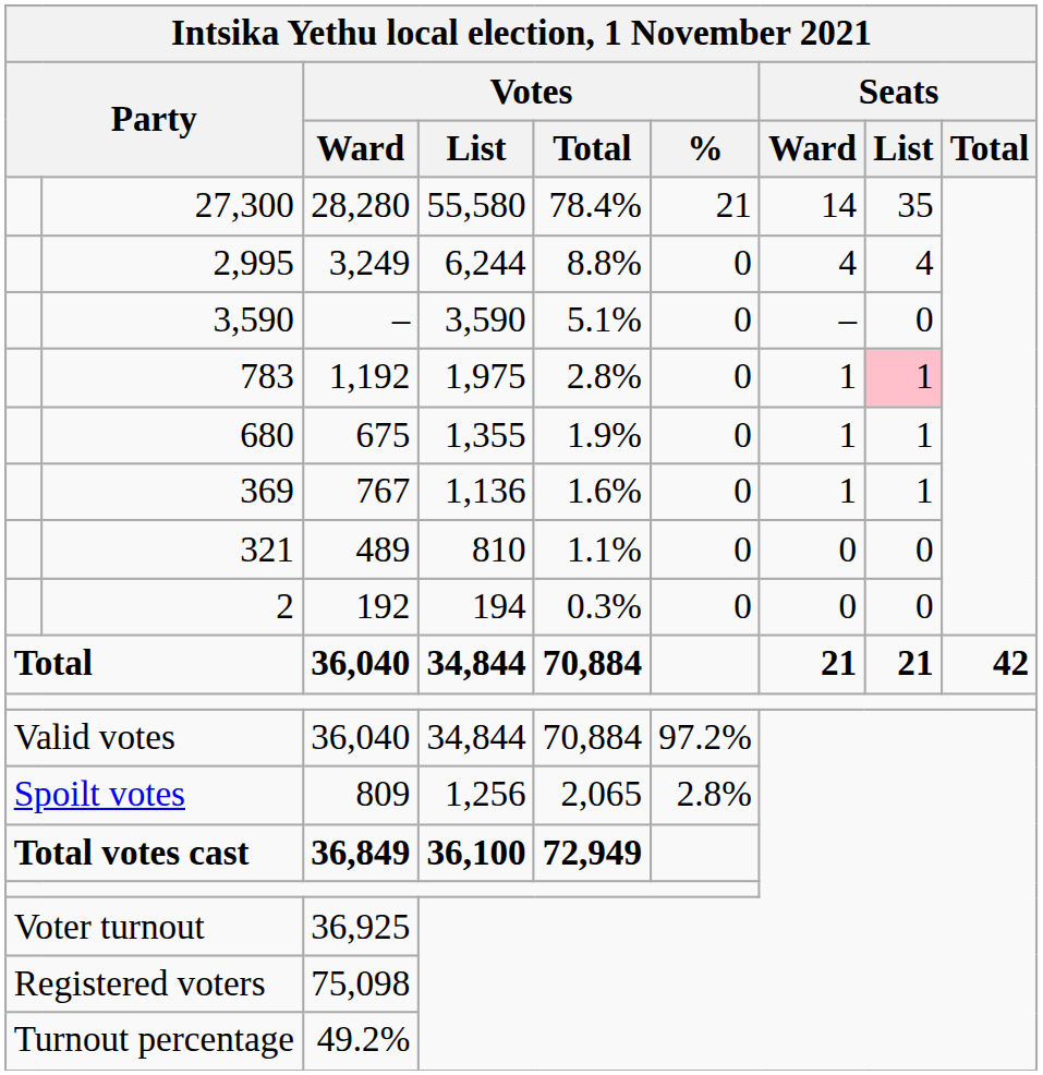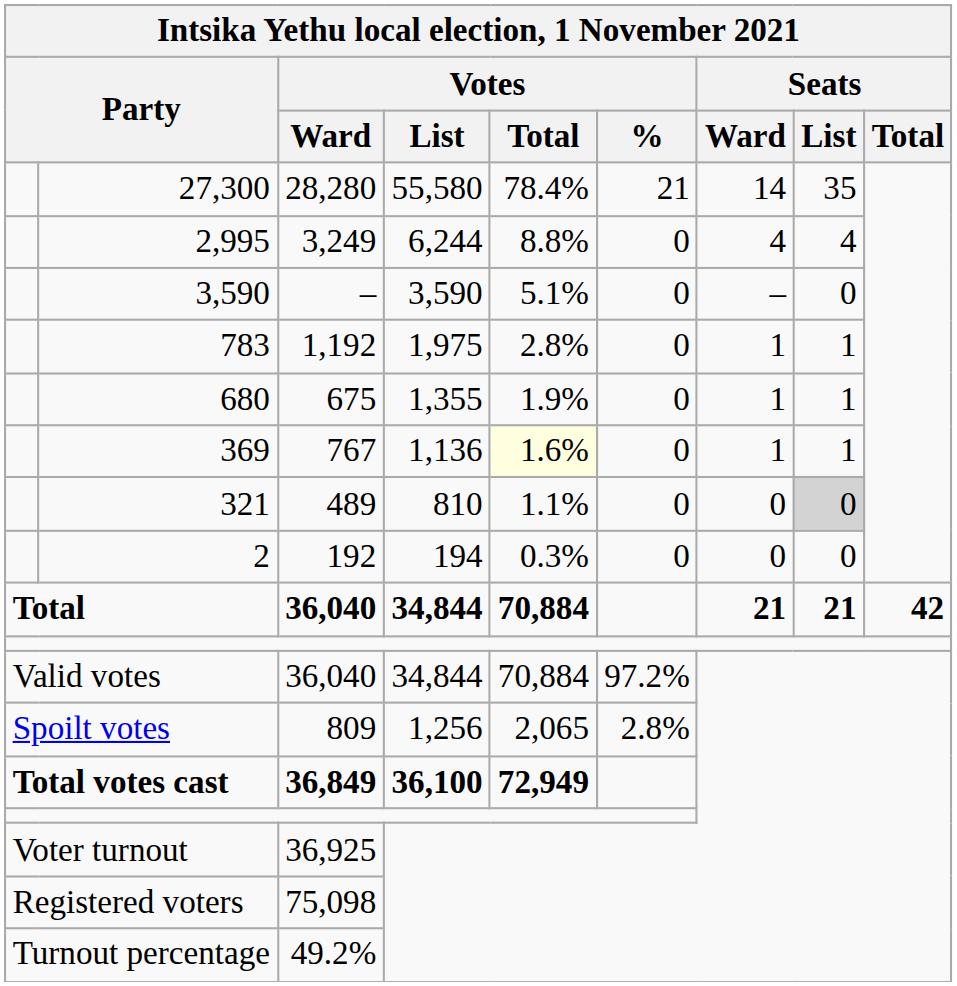 <table class=wikitable style="text-align:right">
 <tr>
 <th colspan="9" align="center">Intsika Yethu local election, 1 November 2021</th>
 </tr>
 <tr>
 <th rowspan="2" colspan="2">Party</th>
 <th colspan="4" align="center">Votes</th>
 <th colspan="3" align="center">Seats</th>
 </tr>
 <tr>
 <th>Ward</th>
 <th>List</th>
 <th>Total</th>
 <th>%</th>
 <th>Ward</th>
 <th>List</th>
 <th>Total</th>
 </tr>
 <tr>
 <td></td>
 <td>27,300</td>
 <td>28,280</td>
 <td>55,580</td>
 <td>78.4%</td>
 <td>21</td>
 <td>14</td>
 <td>35</td>
 </tr>
 <tr>
 <td></td>
 <td>2,995</td>
 <td>3,249</td>
 <td>6,244</td>
 <td>8.8%</td>
 <td>0</td>
 <td>4</td>
 <td>4</td>
 </tr>
 <tr>
 <td></td>
 <td>3,590</td>
 <td>–</td>
 <td>3,590</td>
 <td>5.1%</td>
 <td>0</td>
 <td>–</td>
 <td>0</td>
 </tr>
 <tr>
 <td></td>
 <td>783</td>
 <td>1,192</td>
 <td>1,975</td>
 <td>2.8%</td>
 <td>0</td>
 <td>1</td>
-<td style="background: pink;">1</td>
+<td>1</td>
 </tr>
 <tr>
 <td></td>
 <td>680</td>
 <td>675</td>
 <td>1,355</td>
 <td>1.9%</td>
 <td>0</td>
 <td>1</td>
 <td>1</td>
 </tr>
 <tr>
 <td></td>
 <td>369</td>
 <td>767</td>
 <td>1,136</td>
-<td>1.6%</td>
+<td style="background: lightyellow;">1.6%</td>
 <td>0</td>
 <td>1</td>
 <td>1</td>
 </tr>
 <tr>
 <td></td>
 <td>321</td>
 <td>489</td>
 <td>810</td>
 <td>1.1%</td>
 <td>0</td>
 <td>0</td>
-<td>0</td>
+<td style="background: lightgrey;">0</td>
 </tr>
 <tr>
 <td></td>
 <td>2</td>
 <td>192</td>
 <td>194</td>
 <td>0.3%</td>
 <td>0</td>
 <td>0</td>
 <td>0</td>
 </tr>
 <tr>
 <td colspan="2" style="text-align:left"><strong>Total</strong></td>
 <td><strong>36,040</strong></td>
 <td><strong>34,844</strong></td>
 <td><strong>70,884</strong></td>
 <td></td>
 <td><strong>21</strong></td>
 <td><strong>21</strong></td>
 <td><strong>42</strong></td>
 </tr>
 <tr>
 <td colspan="9"></td>
 </tr>
 <tr>
 <td colspan="2" style="text-align:left">Valid votes</td>
 <td>36,040</td>
 <td>34,844</td>
 <td>70,884</td>
 <td>97.2%</td>
 </tr>
 <tr>
 <td colspan="2" style="text-align:left"><a href='#'>Spoilt votes</a></td>
 <td>809</td>
 <td>1,256</td>
 <td>2,065</td>
 <td>2.8%</td>
 </tr>
 <tr>
 <td colspan="2" style="text-align:left"><strong>Total votes cast</strong></td>
 <td><strong>36,849</strong></td>
 <td><strong>36,100</strong></td>
 <td><strong>72,949</strong></td>
 <td></td>
 </tr>
 <tr>
 <td colspan="6"></td>
 </tr>
 <tr>
 <td colspan="2" style="text-align:left">Voter turnout</td>
 <td>36,925</td>
 </tr>
 <tr>
 <td colspan="2" style="text-align:left">Registered voters</td>
 <td>75,098</td>
 </tr>
 <tr>
 <td colspan="2" style="text-align:left">Turnout percentage</td>
 <td>49.2%</td>
 </tr>
 </table>
